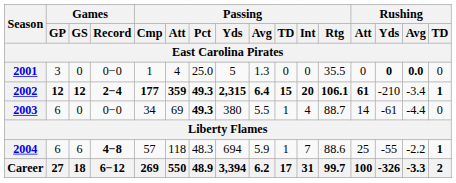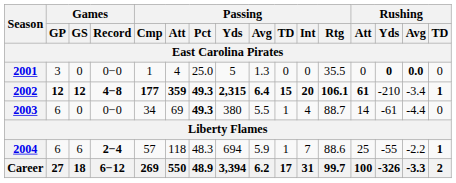 <table class="wikitable" style="text-align:center;">
 <tr>
 <th rowspan="2">Season</th>
 <th colspan="3">Games</th>
 <th colspan="8">Passing</th>
 <th colspan="5">Rushing</th>
 </tr>
 <tr>
 <th>GP</th>
 <th>GS</th>
 <th>Record</th>
 <th>Cmp</th>
 <th>Att</th>
 <th>Pct</th>
 <th>Yds</th>
 <th>Avg</th>
 <th>TD</th>
 <th>Int</th>
 <th>Rtg</th>
 <th>Att</th>
 <th>Yds</th>
 <th>Avg</th>
 <th>TD</th>
 </tr>
 <tr>
 <th colspan="16">East Carolina Pirates</th>
 </tr>
 <tr>
 <th><a href='#'>2001</a></th>
 <td>3</td>
 <td>0</td>
 <td>0−0</td>
 <td>1</td>
 <td>4</td>
 <td>25.0</td>
 <td>5</td>
 <td>1.3</td>
 <td>0</td>
 <td>0</td>
 <td>35.5</td>
 <td>0</td>
 <td><strong>0</strong></td>
 <td><strong>0.0</strong></td>
 <td>0</td>
 </tr>
 <tr>
 <th><a href='#'>2002</a></th>
 <td><strong>12</strong></td>
 <td><strong>12</strong></td>
-<td><strong>2−4</strong></td>
+<td><strong>4−8</strong></td>
 <td><strong>177</strong></td>
 <td><strong>359</strong></td>
 <td><strong>49.3</strong></td>
 <td><strong>2,315</strong></td>
 <td><strong>6.4</strong></td>
 <td><strong>15</strong></td>
 <td><strong>20</strong></td>
 <td><strong>106.1</strong></td>
 <td><strong>61</strong></td>
 <td>-210</td>
 <td>-3.4</td>
 <td><strong>1</strong></td>
 </tr>
 <tr>
 <th><a href='#'>2003</a></th>
 <td>6</td>
 <td>0</td>
 <td>0−0</td>
 <td>34</td>
 <td>69</td>
 <td><strong>49.3</strong></td>
 <td>380</td>
 <td>5.5</td>
 <td>1</td>
 <td>4</td>
 <td>88.7</td>
 <td>14</td>
 <td>-61</td>
 <td>-4.4</td>
 <td>0</td>
 </tr>
 <tr>
 <th colspan="16">Liberty Flames</th>
 </tr>
 <tr>
 <th><a href='#'>2004</a></th>
 <td>6</td>
 <td>6</td>
-<td><strong>4−8</strong></td>
+<td><strong>2−4</strong></td>
 <td>57</td>
 <td>118</td>
 <td>48.3</td>
 <td>694</td>
 <td>5.9</td>
 <td>1</td>
 <td>7</td>
 <td>88.6</td>
 <td>25</td>
 <td>-55</td>
 <td>-2.2</td>
 <td><strong>1</strong></td>
 </tr>
 <tr>
 <th>Career</th>
 <th>27</th>
 <th>18</th>
 <th>6−12</th>
 <th>269</th>
 <th>550</th>
 <th>48.9</th>
 <th>3,394</th>
 <th>6.2</th>
 <th>17</th>
 <th>31</th>
 <th>99.7</th>
 <th>100</th>
 <th>-326</th>
 <th>-3.3</th>
 <th>2</th>
 </tr>
 </table>
